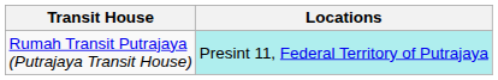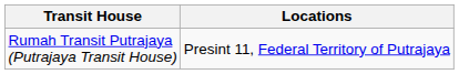 <table class="wikitable">
 <tr>
 <th>Transit House</th>
 <th>Locations</th>
 </tr>
 <tr>
 <td><a href='#'>Rumah Transit Putrajaya</a><br><em>(Putrajaya Transit House)</em></td>
-<td style="background: paleturquoise;">Presint 11, <a href='#'>Federal Territory of Putrajaya</a></td>
+<td>Presint 11, <a href='#'>Federal Territory of Putrajaya</a></td>
 </tr>
 </table>
